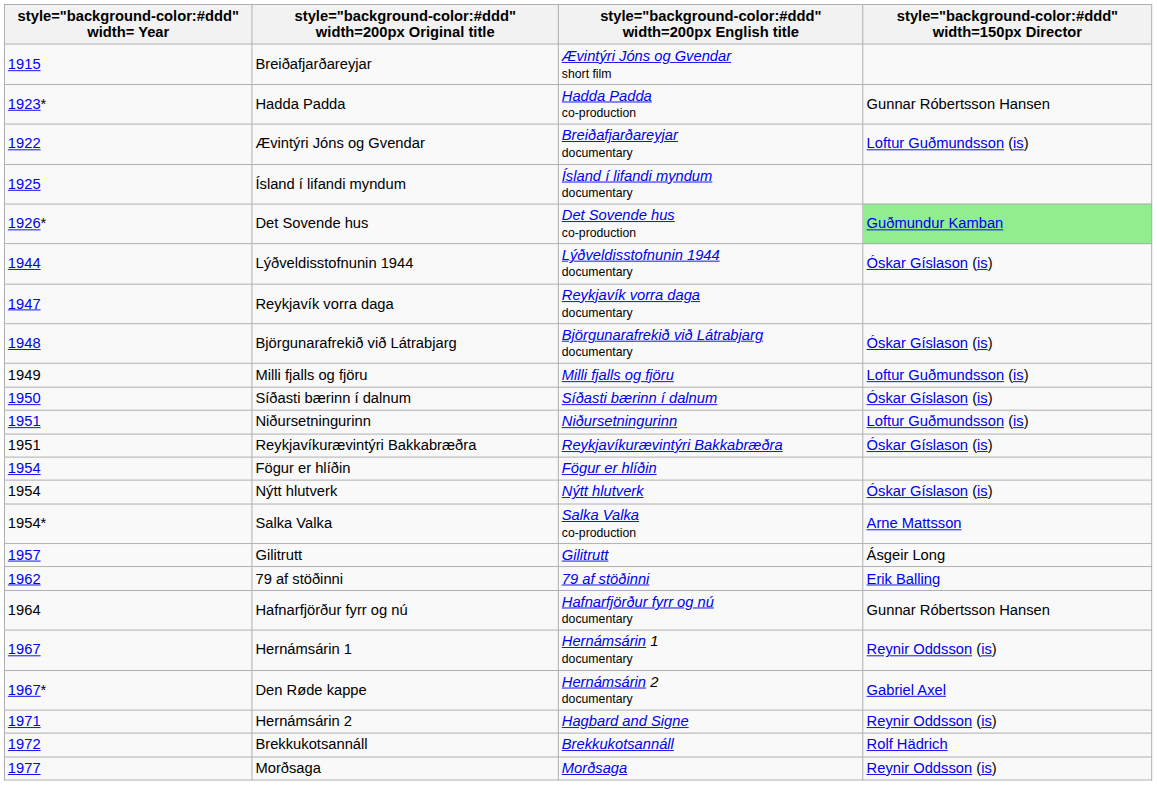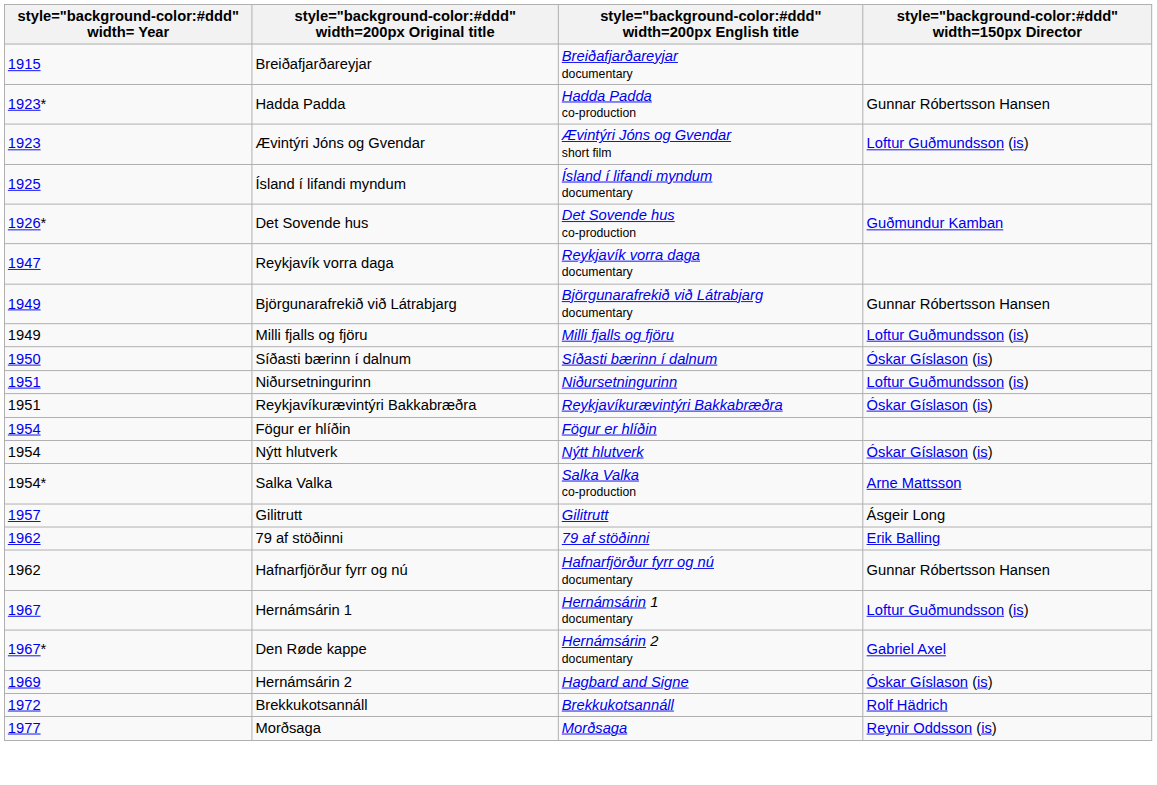 <table class="wikitable sortable">
 <tr>
 <th>style="background-color:#ddd" width=  Year</th>
 <th>style="background-color:#ddd" width=200px  Original title</th>
 <th>style="background-color:#ddd" width=200px  English title</th>
 <th>style="background-color:#ddd" width=150px  Director</th>
 </tr>
 <tr>
 <td><a href='#'>1915</a></td>
 <td>Breiðafjarðareyjar</td>
-<td><em><a href='#'>Ævintýri Jóns og Gvendar</a></em><br><small>short film</small></td>
+<td><em><a href='#'>Breiðafjarðareyjar</a></em><br><small>documentary</small></td>
 <td></td>
 </tr>
 <tr>
 <td><a href='#'>1923</a>*</td>
 <td>Hadda Padda</td>
 <td><em><a href='#'>Hadda Padda</a></em><br><small>co-production</small></td>
 <td>Gunnar Róbertsson Hansen</td>
 </tr>
 <tr>
-<td><a href='#'>1922</a></td>
+<td><a href='#'>1923</a></td>
 <td>Ævintýri Jóns og Gvendar</td>
-<td><em><a href='#'>Breiðafjarðareyjar</a></em><br><small>documentary</small></td>
+<td><em><a href='#'>Ævintýri Jóns og Gvendar</a></em><br><small>short film</small></td>
 <td><a href='#'>Loftur Guðmundsson</a> (<a href='#'>is</a>)</td>
 </tr>
 <tr>
 <td><a href='#'>1925</a></td>
 <td>Ísland í lifandi myndum</td>
 <td><em><a href='#'>Ísland í lifandi myndum</a></em><br><small>documentary</small></td>
 <td></td>
 </tr>
 <tr>
 <td><a href='#'>1926</a>*</td>
 <td>Det Sovende hus</td>
 <td><em><a href='#'>Det Sovende hus</a></em><br><small>co-production</small></td>
-<td style="background: lightgreen;"><a href='#'>Guðmundur Kamban</a></td>
-</tr>
-<tr>
-<td><a href='#'>1944</a></td>
-<td>Lýðveldisstofnunin 1944</td>
-<td><em><a href='#'>Lýðveldisstofnunin 1944</a></em><br><small>documentary</small></td>
-<td><a href='#'>Óskar Gíslason</a> (<a href='#'>is</a>)</td>
+<td><a href='#'>Guðmundur Kamban</a></td>
 </tr>
 <tr>
 <td><a href='#'>1947</a></td>
 <td>Reykjavík vorra daga</td>
 <td><em><a href='#'>Reykjavík vorra daga</a></em><br><small>documentary</small></td>
 <td></td>
 </tr>
 <tr>
-<td><a href='#'>1948</a></td>
+<td><a href='#'>1949</a></td>
 <td>Björgunarafrekið við Látrabjarg</td>
 <td><em><a href='#'>Björgunarafrekið við Látrabjarg</a></em><br><small>documentary</small></td>
-<td><a href='#'>Óskar Gíslason</a> (<a href='#'>is</a>)</td>
+<td>Gunnar Róbertsson Hansen</td>
 </tr>
 <tr>
 <td>1949</td>
 <td>Milli fjalls og fjöru</td>
 <td><em><a href='#'>Milli fjalls og fjöru</a></em></td>
 <td><a href='#'>Loftur Guðmundsson</a> (<a href='#'>is</a>)</td>
 </tr>
 <tr>
 <td><a href='#'>1950</a></td>
 <td>Síðasti bærinn í dalnum</td>
 <td><em><a href='#'>Síðasti bærinn í dalnum</a></em></td>
 <td><a href='#'>Óskar Gíslason</a> (<a href='#'>is</a>)</td>
 </tr>
 <tr>
 <td><a href='#'>1951</a></td>
 <td>Niðursetningurinn</td>
 <td><em><a href='#'>Niðursetningurinn</a></em></td>
 <td><a href='#'>Loftur Guðmundsson</a> (<a href='#'>is</a>)</td>
 </tr>
 <tr>
 <td>1951</td>
 <td>Reykjavíkurævintýri Bakkabræðra</td>
 <td><em><a href='#'>Reykjavíkurævintýri Bakkabræðra</a></em></td>
 <td><a href='#'>Óskar Gíslason</a> (<a href='#'>is</a>)</td>
 </tr>
 <tr>
 <td><a href='#'>1954</a></td>
 <td>Fögur er hlíðin</td>
 <td><em><a href='#'>Fögur er hlíðin</a></em></td>
 <td></td>
 </tr>
 <tr>
 <td>1954</td>
 <td>Nýtt hlutverk</td>
 <td><em><a href='#'>Nýtt hlutverk</a></em></td>
 <td><a href='#'>Óskar Gíslason</a> (<a href='#'>is</a>)</td>
 </tr>
 <tr>
 <td>1954*</td>
 <td>Salka Valka</td>
 <td><em><a href='#'>Salka Valka</a></em><br><small>co-production</small></td>
 <td><a href='#'>Arne Mattsson</a></td>
 </tr>
 <tr>
 <td><a href='#'>1957</a></td>
 <td>Gilitrutt</td>
 <td><em><a href='#'>Gilitrutt</a></em></td>
 <td>Ásgeir Long</td>
 </tr>
 <tr>
 <td><a href='#'>1962</a></td>
 <td>79 af stöðinni</td>
 <td><em><a href='#'>79 af stöðinni</a></em></td>
 <td><a href='#'>Erik Balling</a></td>
 </tr>
 <tr>
-<td>1964</td>
+<td>1962</td>
 <td>Hafnarfjörður fyrr og nú</td>
 <td><em><a href='#'>Hafnarfjörður fyrr og nú</a></em><br><small>documentary</small></td>
 <td>Gunnar Róbertsson Hansen</td>
 </tr>
 <tr>
 <td><a href='#'>1967</a></td>
 <td>Hernámsárin 1</td>
 <td><em><a href='#'>Hernámsárin</a> 1</em><br><small>documentary</small></td>
-<td><a href='#'>Reynir Oddsson</a> (<a href='#'>is</a>)</td>
+<td><a href='#'>Loftur Guðmundsson</a> (<a href='#'>is</a>)</td>
 </tr>
 <tr>
 <td><a href='#'>1967</a>*</td>
 <td>Den Røde kappe</td>
 <td><em><a href='#'>Hernámsárin</a> 2</em><br><small>documentary</small></td>
 <td><a href='#'>Gabriel Axel</a></td>
 </tr>
 <tr>
-<td><a href='#'>1971</a></td>
+<td><a href='#'>1969</a></td>
 <td>Hernámsárin 2</td>
 <td><em><a href='#'>Hagbard and Signe</a></em></td>
-<td><a href='#'>Reynir Oddsson</a> (<a href='#'>is</a>)</td>
+<td><a href='#'>Óskar Gíslason</a> (<a href='#'>is</a>)</td>
 </tr>
 <tr>
 <td><a href='#'>1972</a></td>
 <td>Brekkukotsannáll</td>
 <td><em><a href='#'>Brekkukotsannáll</a></em></td>
 <td><a href='#'>Rolf Hädrich</a></td>
 </tr>
 <tr>
 <td><a href='#'>1977</a></td>
 <td>Morðsaga</td>
 <td><em><a href='#'>Morðsaga</a></em></td>
 <td><a href='#'>Reynir Oddsson</a> (<a href='#'>is</a>)</td>
 </tr>
 </table>
